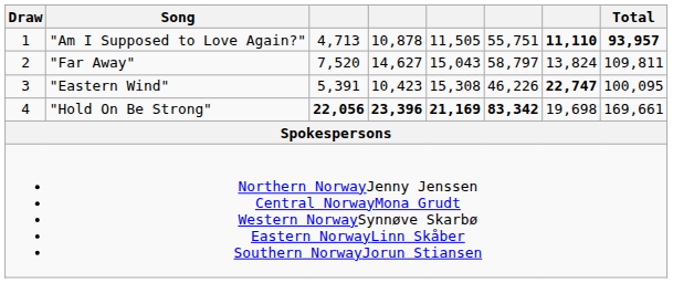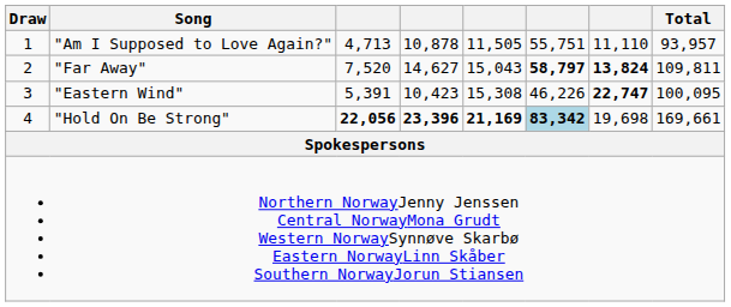 <table class="wikitable collapsible" style="margin: 1em auto 1em auto; text-align:center;">
 <tr>
 <th>Draw</th>
 <th>Song</th>
 <th><abbr></abbr></th>
 <th><abbr></abbr></th>
 <th><abbr></abbr></th>
 <th><abbr></abbr></th>
 <th><abbr></abbr></th>
 <th>Total</th>
 </tr>
 <tr>
 <td>1</td>
 <td style="text-align:left;">"Am I Supposed to Love Again?"</td>
 <td>4,713</td>
 <td>10,878</td>
 <td>11,505</td>
 <td>55,751</td>
-<td><strong>11,110</strong></td>
-<td><strong>93,957</strong></td>
+<td>11,110</td>
+<td>93,957</td>
 </tr>
 <tr>
 <td>2</td>
 <td style="text-align:left;">"Far Away"</td>
 <td>7,520</td>
 <td>14,627</td>
 <td>15,043</td>
-<td>58,797</td>
-<td>13,824</td>
+<td><strong>58,797</strong></td>
+<td><strong>13,824</strong></td>
 <td>109,811</td>
 </tr>
 <tr>
 <td>3</td>
 <td style="text-align:left;">"Eastern Wind"</td>
 <td>5,391</td>
 <td>10,423</td>
 <td>15,308</td>
 <td>46,226</td>
 <td><strong>22,747</strong></td>
 <td>100,095</td>
 </tr>
 <tr>
 <td>4</td>
 <td style="text-align:left;">"Hold On Be Strong"</td>
 <td><strong>22,056</strong></td>
 <td><strong>23,396</strong></td>
 <td><strong>21,169</strong></td>
-<td><strong>83,342</strong></td>
+<td style="background: lightblue;"><strong>83,342</strong></td>
 <td>19,698</td>
 <td>169,661</td>
 </tr>
 <tr>
 <th colspan="8">Spokespersons</th>
 </tr>
 <tr>
 <td colspan="8"><br><ul><li><a href='#'>Northern Norway</a>Jenny Jenssen</li><li><a href='#'>Central Norway</a><a href='#'>Mona Grudt</a></li><li><a href='#'>Western Norway</a>Synnøve Skarbø</li><li><a href='#'>Eastern Norway</a><a href='#'>Linn Skåber</a></li><li><a href='#'>Southern Norway</a><a href='#'>Jorun Stiansen</a></li></ul></td>
 </tr>
 </table>
